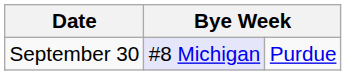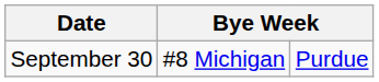 <table class="wikitable" style="font-size:95%;">
 <tr>
 <th>Date</th>
 <th colspan="2">Bye Week</th>
 </tr>
 <tr>
 <td>September 30</td>
-<td style="background: lavender;">#8 <a href='#'>Michigan</a></td>
+<td>#8 <a href='#'>Michigan</a></td>
 <td><a href='#'>Purdue</a></td>
 </tr>
 </table>
